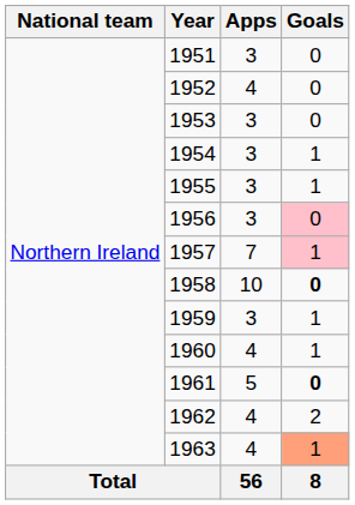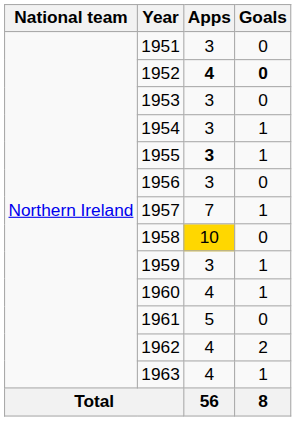 <table class="wikitable" style="text-align:center">
 <tr>
 <th>National team</th>
 <th>Year</th>
 <th>Apps</th>
 <th>Goals</th>
 </tr>
 <tr>
 <td rowspan="13"><a href='#'>Northern Ireland</a></td>
 <td>1951</td>
 <td>3</td>
 <td>0</td>
 </tr>
 <tr>
 <td>1952</td>
-<td>4</td>
-<td>0</td>
+<td><strong>4</strong></td>
+<td><strong>0</strong></td>
 </tr>
 <tr>
 <td>1953</td>
 <td>3</td>
 <td>0</td>
 </tr>
 <tr>
 <td>1954</td>
 <td>3</td>
 <td>1</td>
 </tr>
 <tr>
 <td>1955</td>
-<td>3</td>
+<td><strong>3</strong></td>
 <td>1</td>
 </tr>
 <tr>
 <td>1956</td>
 <td>3</td>
-<td style="background: pink;">0</td>
+<td>0</td>
 </tr>
 <tr>
 <td>1957</td>
 <td>7</td>
-<td style="background: pink;">1</td>
+<td>1</td>
 </tr>
 <tr>
 <td>1958</td>
-<td>10</td>
-<td><strong>0</strong></td>
+<td style="background: gold;">10</td>
+<td>0</td>
 </tr>
 <tr>
 <td>1959</td>
 <td>3</td>
 <td>1</td>
 </tr>
 <tr>
 <td>1960</td>
 <td>4</td>
 <td>1</td>
 </tr>
 <tr>
 <td>1961</td>
 <td>5</td>
-<td><strong>0</strong></td>
+<td>0</td>
 </tr>
 <tr>
 <td>1962</td>
 <td>4</td>
 <td>2</td>
 </tr>
 <tr>
 <td>1963</td>
 <td>4</td>
-<td style="background: lightsalmon;">1</td>
+<td>1</td>
 </tr>
 <tr>
 <th colspan="2">Total</th>
 <th>56</th>
 <th>8</th>
 </tr>
 </table>
